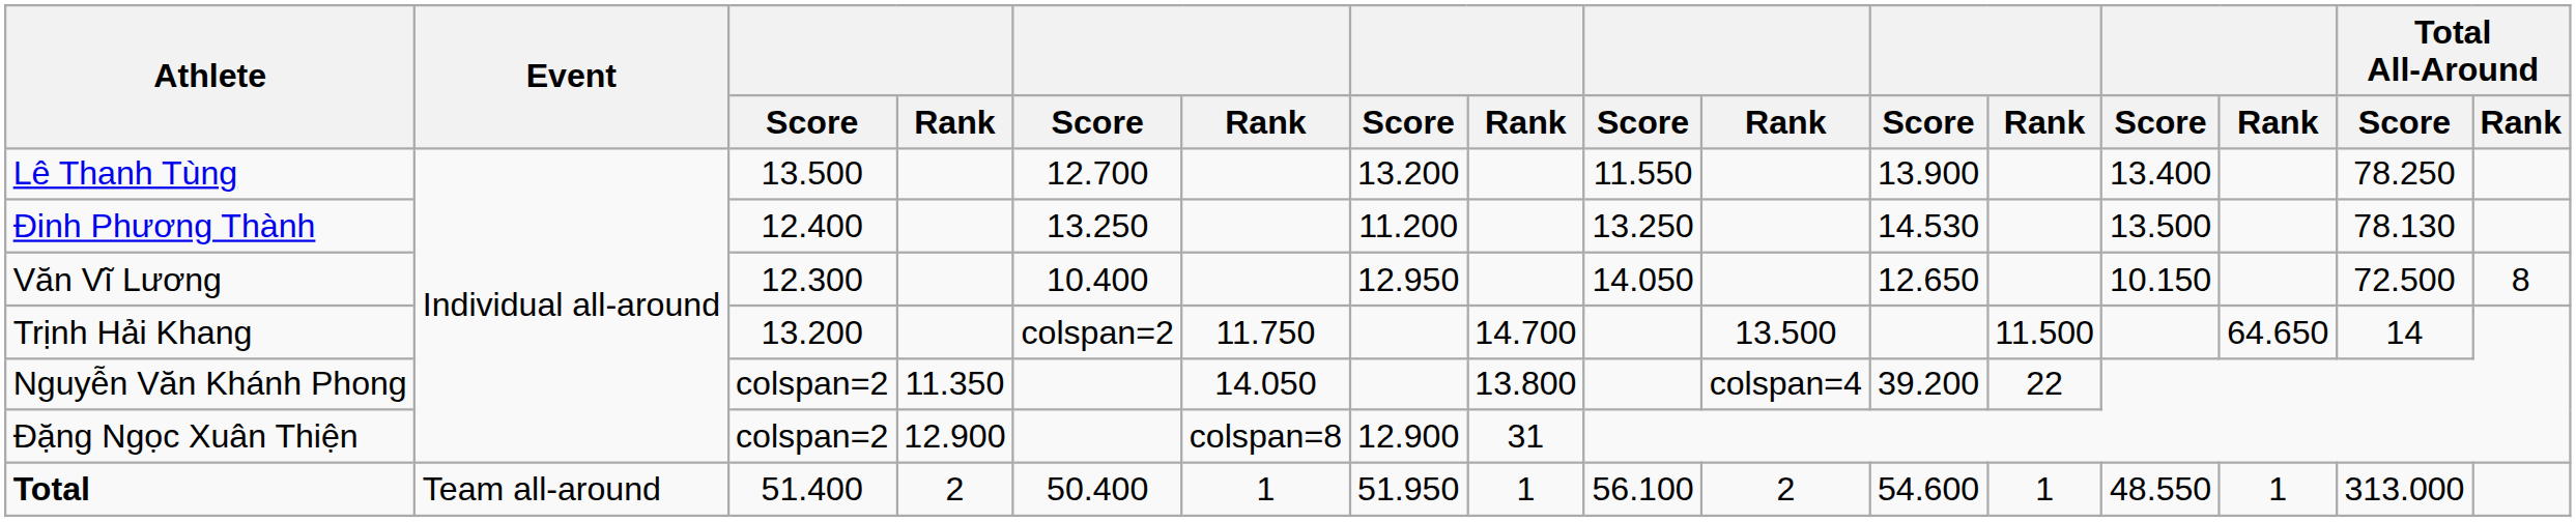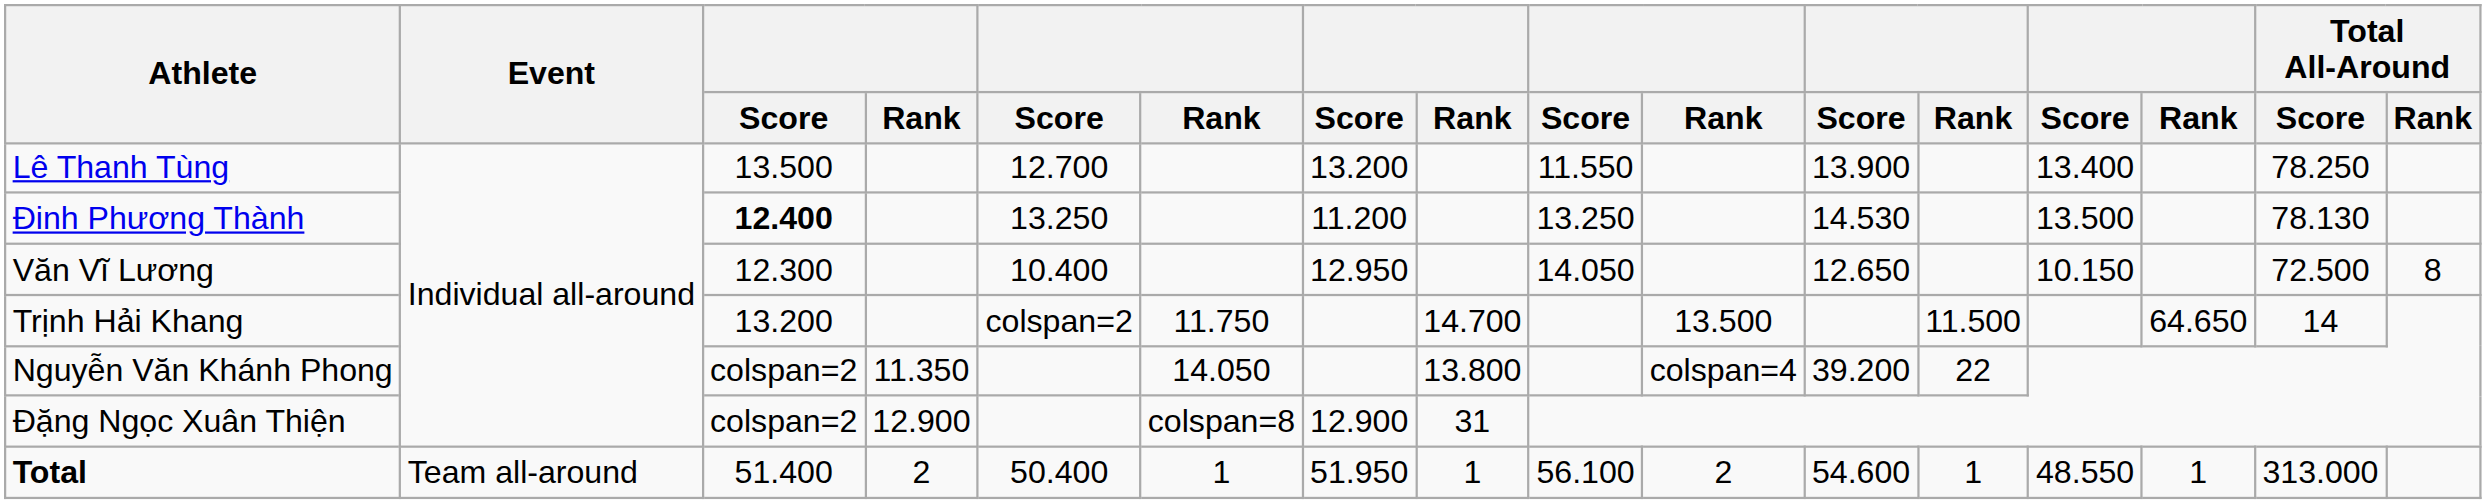 <table class="wikitable" style="font-size:90%">
 <tr>
 <th rowspan=2>Athlete</th>
 <th rowspan=2>Event</th>
 <th colspan=2></th>
 <th colspan=2></th>
 <th colspan=2></th>
 <th colspan=2></th>
 <th colspan=2></th>
 <th colspan=2></th>
 <th colspan=2>Total<br>All-Around</th>
 </tr>
 <tr>
 <th>Score</th>
 <th>Rank</th>
 <th>Score</th>
 <th>Rank</th>
 <th>Score</th>
 <th>Rank</th>
 <th>Score</th>
 <th>Rank</th>
 <th>Score</th>
 <th>Rank</th>
 <th>Score</th>
 <th>Rank</th>
 <th>Score</th>
 <th>Rank</th>
 </tr>
 <tr>
 <td><a href='#'>Lê Thanh Tùng</a></td>
 <td rowspan=6>Individual all-around</td>
 <td align=center>13.500</td>
 <td align=center></td>
 <td align=center>12.700</td>
 <td align=center></td>
 <td align=center>13.200</td>
 <td align=center></td>
 <td align=center>11.550</td>
 <td align=center></td>
 <td align=center>13.900</td>
 <td align=center></td>
 <td align=center>13.400</td>
 <td align=center></td>
 <td align=center>78.250</td>
 <td align=center></td>
 </tr>
 <tr>
 <td><a href='#'>Đinh Phương Thành</a></td>
-<td align=center>12.400</td>
+<td align=center><strong>12.400</strong></td>
 <td align=center></td>
 <td align=center>13.250</td>
 <td align=center></td>
 <td align=center>11.200</td>
 <td align=center></td>
 <td align=center>13.250</td>
 <td align=center></td>
 <td align=center>14.530</td>
 <td align=center></td>
 <td align=center>13.500</td>
 <td align=center></td>
 <td align=center>78.130</td>
 <td align=center></td>
 </tr>
 <tr>
 <td>Văn Vĩ Lương</td>
 <td align=center>12.300</td>
 <td align=center></td>
 <td align=center>10.400</td>
 <td align=center></td>
 <td align=center>12.950</td>
 <td align=center></td>
 <td align=center>14.050</td>
 <td align=center></td>
 <td align=center>12.650</td>
 <td align=center></td>
 <td align=center>10.150</td>
 <td align=center></td>
 <td align=center>72.500</td>
 <td align=center>8</td>
 </tr>
 <tr>
 <td>Trịnh Hải Khang</td>
 <td align=center>13.200</td>
 <td align=center></td>
 <td>colspan=2 </td>
 <td align=center>11.750</td>
 <td align=center></td>
 <td align=center>14.700</td>
 <td align=center></td>
 <td align=center>13.500</td>
 <td align=center></td>
 <td align=center>11.500</td>
 <td align=center></td>
 <td align=center>64.650</td>
 <td align=center>14</td>
 </tr>
 <tr>
 <td>Nguyễn Văn Khánh Phong</td>
 <td>colspan=2 </td>
 <td align=center>11.350</td>
 <td align=center></td>
 <td align=center>14.050</td>
 <td align=center></td>
 <td align=center>13.800</td>
 <td align=center></td>
 <td>colspan=4 </td>
 <td align=center>39.200</td>
 <td align=center>22</td>
 </tr>
 <tr>
 <td>Đặng Ngọc Xuân Thiện</td>
 <td>colspan=2 </td>
 <td align=center>12.900</td>
 <td align=center></td>
 <td>colspan=8 </td>
 <td align=center>12.900</td>
 <td align=center>31</td>
 </tr>
 <tr>
 <td><strong>Total</strong></td>
 <td>Team all-around</td>
 <td align=center>51.400</td>
 <td align=center>2</td>
 <td align=center>50.400</td>
 <td align=center>1</td>
 <td align=center>51.950</td>
 <td align=center>1</td>
 <td align=center>56.100</td>
 <td align=center>2</td>
 <td align=center>54.600</td>
 <td align=center>1</td>
 <td align=center>48.550</td>
 <td align=center>1</td>
 <td align=center>313.000</td>
 <td align=center></td>
 </tr>
 </table>
